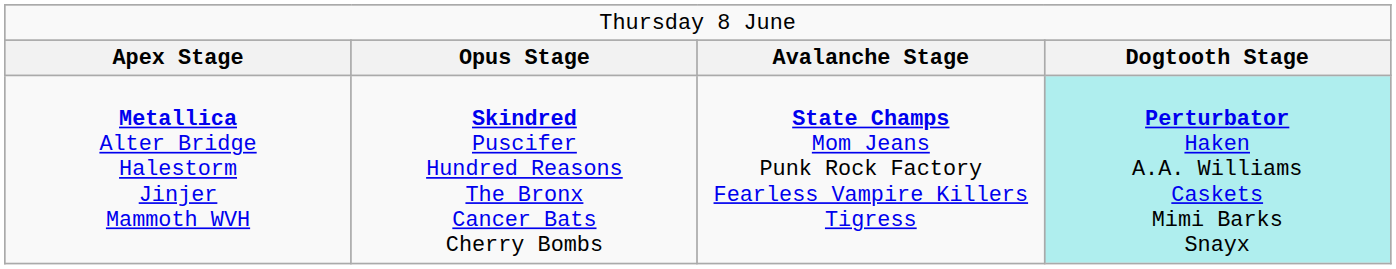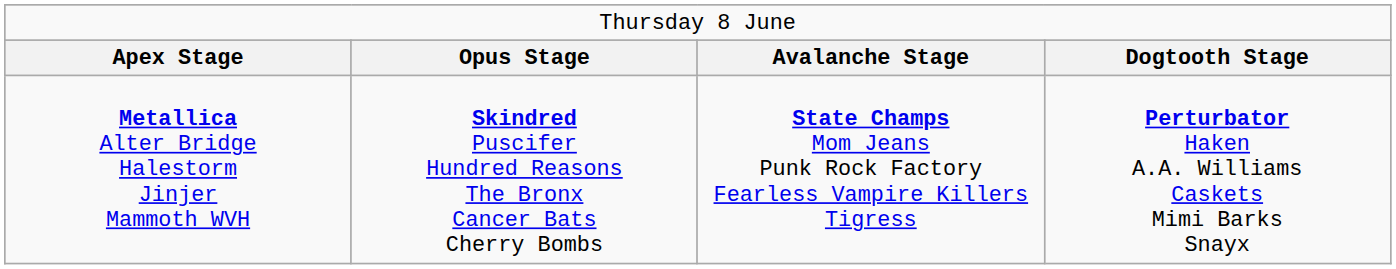 <table class="wikitable">
 <tr>
 <td colspan="4" style="text-align:center;">Thursday 8 June</td>
 </tr>
 <tr>
 <th>Apex Stage</th>
 <th>Opus Stage</th>
 <th>Avalanche Stage</th>
 <th>Dogtooth Stage</th>
 </tr>
 <tr>
 <td style="text-align:center; vertical-align:top; width:200px;"><br><strong><a href='#'>Metallica</a></strong> <br> <a href='#'>Alter Bridge</a> <br> <a href='#'>Halestorm</a> <br> <a href='#'>Jinjer</a> <br> <a href='#'>Mammoth WVH</a> <br></td>
 <td style="text-align:center; vertical-align:top; width:200px;"><br><strong><a href='#'>Skindred</a></strong> <br> <a href='#'>Puscifer</a> <br> <a href='#'>Hundred Reasons</a> <br> <a href='#'>The Bronx</a> <br> <a href='#'>Cancer Bats</a> <br> Cherry Bombs <br></td>
 <td style="text-align:center; vertical-align:top; width:200px;"><br><strong><a href='#'>State Champs</a></strong> <br> <a href='#'>Mom Jeans</a> <br> Punk Rock Factory <br> <a href='#'>Fearless Vampire Killers</a> <br> <a href='#'>Tigress</a> <br></td>
-<td style="background: paleturquoise; text-align:center; vertical-align:top; width:200px;"><br><strong><a href='#'>Perturbator</a></strong> <br> <a href='#'>Haken</a> <br> A.A. Williams <br> <a href='#'>Caskets</a> <br> Mimi Barks <br> Snayx <br></td>
+<td style="text-align:center; vertical-align:top; width:200px;"><br><strong><a href='#'>Perturbator</a></strong> <br> <a href='#'>Haken</a> <br> A.A. Williams <br> <a href='#'>Caskets</a> <br> Mimi Barks <br> Snayx <br></td>
 </tr>
 </table>
